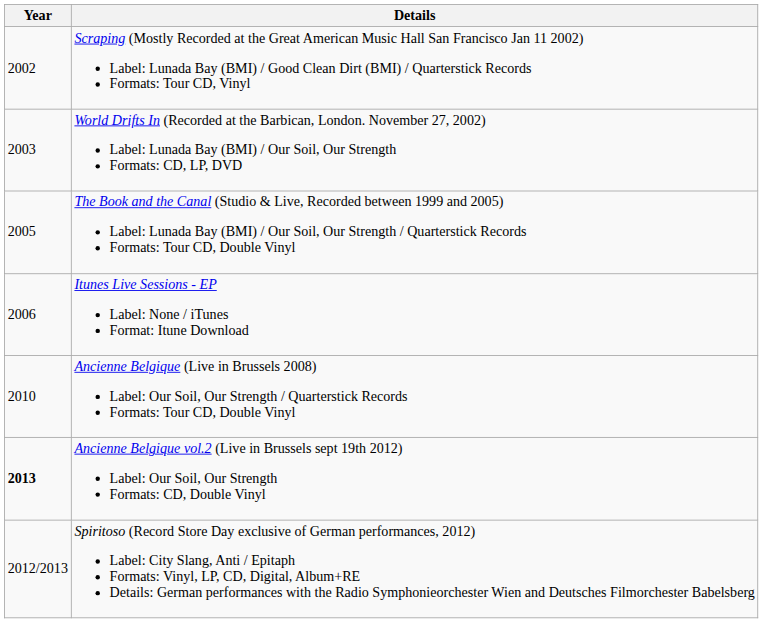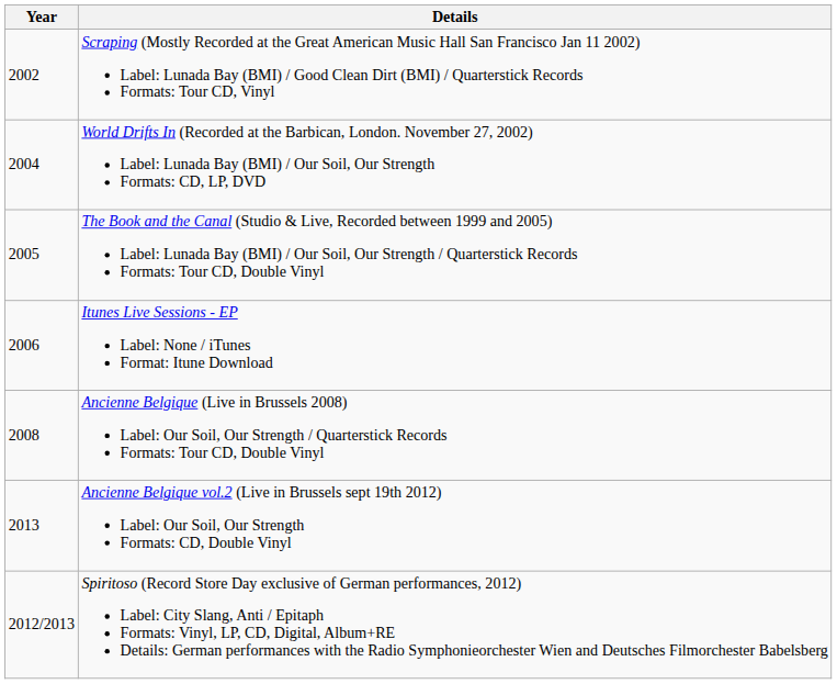 <table class="wikitable">
 <tr>
 <th>Year</th>
 <th>Details</th>
 </tr>
 <tr>
 <td style="test-align:center;">2002</td>
 <td><em><a href='#'>Scraping</a></em> (Mostly Recorded at the Great American Music Hall San Francisco Jan 11 2002)<br><ul><li>Label: Lunada Bay (BMI) / Good Clean Dirt (BMI) / Quarterstick Records</li><li>Formats: Tour CD, Vinyl</li></ul></td>
 </tr>
 <tr>
-<td style="test-align:center;">2003</td>
+<td style="test-align:center;">2004</td>
 <td><em><a href='#'>World Drifts In</a></em> (Recorded at the Barbican, London. November 27, 2002)<br><ul><li>Label: Lunada Bay (BMI) / Our Soil, Our Strength</li><li>Formats: CD, LP, DVD</li></ul></td>
 </tr>
 <tr>
 <td style="test-align:center;">2005</td>
 <td><em><a href='#'>The Book and the Canal</a></em> (Studio & Live, Recorded between 1999 and 2005)<br><ul><li>Label: Lunada Bay (BMI) / Our Soil, Our Strength / Quarterstick Records</li><li>Formats: Tour CD, Double Vinyl</li></ul></td>
 </tr>
 <tr>
 <td style="test-align:center;">2006</td>
 <td><em><a href='#'>Itunes Live Sessions - EP</a></em><br><ul><li>Label: None / iTunes</li><li>Format: Itune Download</li></ul></td>
 </tr>
 <tr>
-<td style="test-align:center;">2010</td>
+<td style="test-align:center;">2008</td>
 <td><em><a href='#'>Ancienne Belgique</a></em> (Live in Brussels 2008)<br><ul><li>Label: Our Soil, Our Strength / Quarterstick Records</li><li>Formats: Tour CD, Double Vinyl</li></ul></td>
 </tr>
 <tr>
-<td style="test-align:center;"><strong>2013</strong></td>
+<td style="test-align:center;">2013</td>
 <td><em><a href='#'>Ancienne Belgique vol.2</a></em> (Live in Brussels sept 19th 2012)<br><ul><li>Label: Our Soil, Our Strength</li><li>Formats: CD, Double Vinyl</li></ul></td>
 </tr>
 <tr>
 <td style="test-align:center;">2012/2013</td>
 <td><em>Spiritoso</em> (Record Store Day exclusive of German performances, 2012)<br><ul><li>Label: City Slang, Anti / Epitaph</li><li>Formats: Vinyl, LP, CD, Digital, Album+RE</li><li>Details: German performances with the Radio Symphonieorchester Wien and Deutsches Filmorchester Babelsberg</li></ul></td>
 </tr>
 </table>
